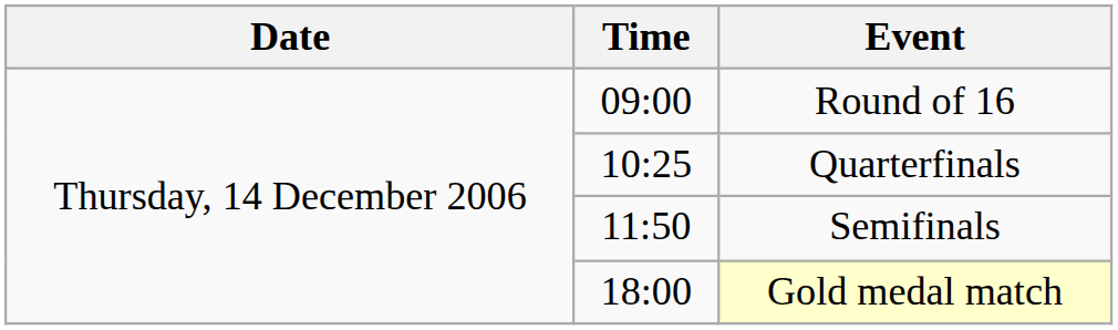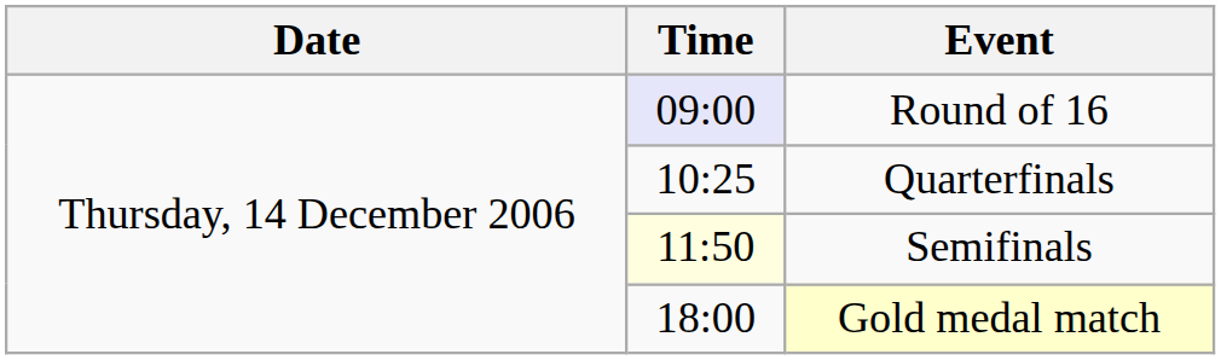 <table class = "wikitable" style="text-align:center;">
 <tr>
 <th width=220>Date</th>
 <th width=50>Time</th>
 <th width=150>Event</th>
 </tr>
 <tr>
 <td rowspan=4>Thursday, 14 December 2006</td>
-<td>09:00</td>
+<td style="background: lavender;">09:00</td>
 <td>Round of 16</td>
 </tr>
 <tr>
 <td>10:25</td>
 <td>Quarterfinals</td>
 </tr>
 <tr>
-<td>11:50</td>
+<td style="background: lightyellow;">11:50</td>
 <td>Semifinals</td>
 </tr>
 <tr>
 <td>18:00</td>
 <td bgcolor=ffffcc>Gold medal match</td>
 </tr>
 </table>
